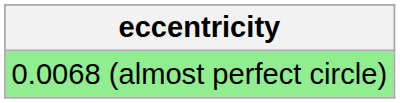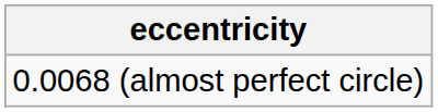 <table class="wikitable">
 <tr>
 <th>eccentricity</th>
 </tr>
 <tr>
-<td style="background: lightgreen;">0.0068    (almost perfect circle)</td>
+<td>0.0068    (almost perfect circle)</td>
 </tr>
 </table>
